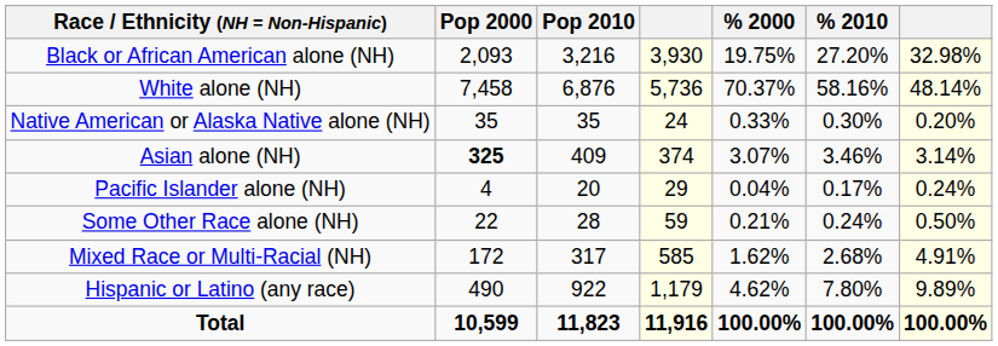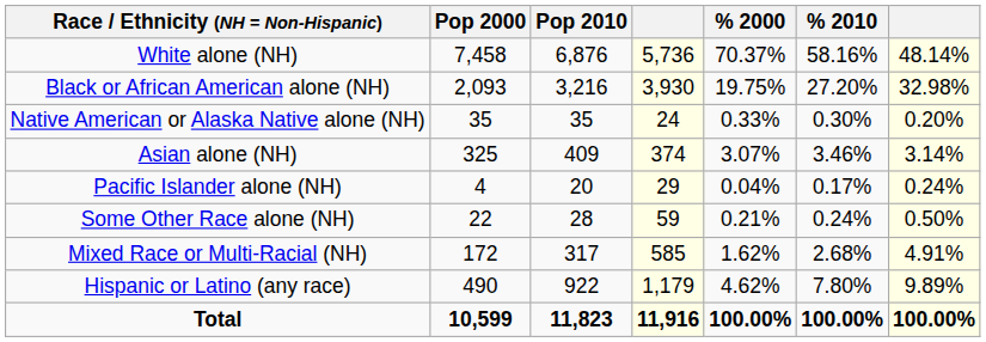 <table class="wikitable" style="text-align:center;">
 <tr>
 <th>Race / Ethnicity <small>(<em>NH = Non-Hispanic</em>)</small></th>
 <th>Pop 2000</th>
 <th>Pop 2010</th>
 <th></th>
 <th>% 2000</th>
 <th>% 2010</th>
 <th></th>
 </tr>
 <tr>
+<td><a href='#'>White</a> alone (NH)</td>
+<td>7,458</td>
+<td>6,876</td>
+<td style='background: #ffffe6;'>5,736</td>
+<td>70.37%</td>
+<td>58.16%</td>
+<td style='background: #ffffe6;'>48.14%</td>
+</tr>
+<tr>
 <td><a href='#'>Black or African American</a> alone (NH)</td>
 <td>2,093</td>
 <td>3,216</td>
 <td style='background: #ffffe6;'>3,930</td>
 <td>19.75%</td>
 <td>27.20%</td>
 <td style='background: #ffffe6;'>32.98%</td>
-</tr>
-<tr>
-<td><a href='#'>White</a> alone (NH)</td>
-<td>7,458</td>
-<td>6,876</td>
-<td style='background: #ffffe6;'>5,736</td>
-<td>70.37%</td>
-<td>58.16%</td>
-<td style='background: #ffffe6;'>48.14%</td>
 </tr>
 <tr>
 <td><a href='#'>Native American</a> or <a href='#'>Alaska Native</a> alone (NH)</td>
 <td>35</td>
 <td>35</td>
 <td style='background: #ffffe6;'>24</td>
 <td>0.33%</td>
 <td>0.30%</td>
 <td style='background: #ffffe6;'>0.20%</td>
 </tr>
 <tr>
 <td><a href='#'>Asian</a> alone (NH)</td>
-<td><strong>325</strong></td>
+<td>325</td>
 <td>409</td>
 <td style='background: #ffffe6;'>374</td>
 <td>3.07%</td>
 <td>3.46%</td>
 <td style='background: #ffffe6;'>3.14%</td>
 </tr>
 <tr>
 <td><a href='#'>Pacific Islander</a> alone (NH)</td>
 <td>4</td>
 <td>20</td>
 <td style='background: #ffffe6;'>29</td>
 <td>0.04%</td>
 <td>0.17%</td>
 <td style='background: #ffffe6;'>0.24%</td>
 </tr>
 <tr>
 <td><a href='#'>Some Other Race</a> alone (NH)</td>
 <td>22</td>
 <td>28</td>
 <td style='background: #ffffe6;'>59</td>
 <td>0.21%</td>
 <td>0.24%</td>
 <td style='background: #ffffe6;'>0.50%</td>
 </tr>
 <tr>
 <td><a href='#'>Mixed Race or Multi-Racial</a> (NH)</td>
 <td>172</td>
 <td>317</td>
 <td style='background: #ffffe6;'>585</td>
 <td>1.62%</td>
 <td>2.68%</td>
 <td style='background: #ffffe6;'>4.91%</td>
 </tr>
 <tr>
 <td><a href='#'>Hispanic or Latino</a> (any race)</td>
 <td>490</td>
 <td>922</td>
 <td style='background: #ffffe6;'>1,179</td>
 <td>4.62%</td>
 <td>7.80%</td>
 <td style='background: #ffffe6;'>9.89%</td>
 </tr>
 <tr>
 <td><strong>Total</strong></td>
 <td><strong>10,599</strong></td>
 <td><strong>11,823</strong></td>
 <td style='background: #ffffe6;'><strong>11,916</strong></td>
 <td><strong>100.00%</strong></td>
 <td><strong>100.00%</strong></td>
 <td style='background: #ffffe6;'><strong>100.00%</strong></td>
 </tr>
 </table>
